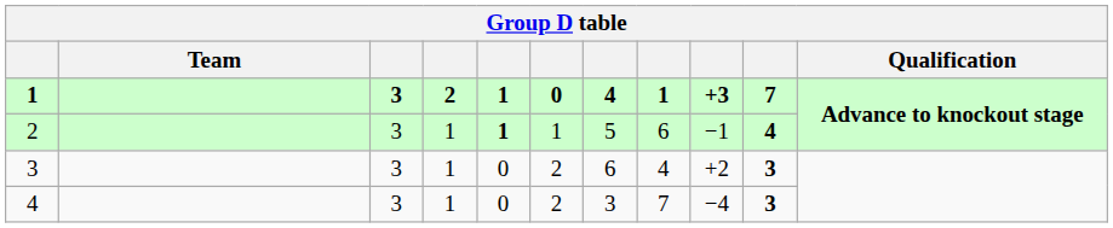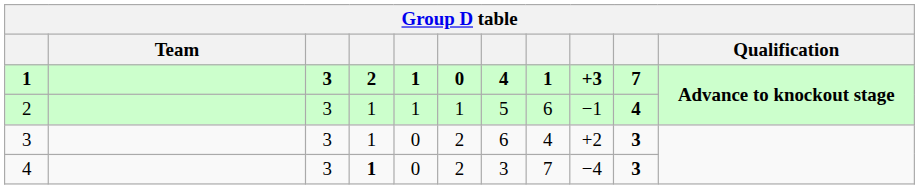 <table class="wikitable" style="text-align:center">
 <tr>
 <th colspan="11"><a href='#'>Group D</a> table</th>
 </tr>
 <tr>
 <th width="30"></th>
 <th width="210">Team</th>
 <th width="30"></th>
 <th width="30"></th>
 <th width="30"></th>
 <th width="30"></th>
 <th width="30"></th>
 <th width="30"></th>
 <th width="30"></th>
 <th width="30"></th>
 <th width="210">Qualification</th>
 </tr>
 <tr bgcolor="#ccffcc">
 <td><strong>1</strong></td>
 <td align="left"><strong></strong></td>
 <td><strong>3</strong></td>
 <td><strong>2</strong></td>
 <td><strong>1</strong></td>
 <td><strong>0</strong></td>
 <td><strong>4</strong></td>
 <td><strong>1</strong></td>
 <td><strong>+3</strong></td>
 <td><strong>7</strong></td>
 <td rowspan="2"><strong>Advance to knockout stage</strong></td>
 </tr>
 <tr bgcolor="#ccffcc">
 <td>2</td>
 <td align="left"></td>
 <td>3</td>
 <td>1</td>
-<td><strong>1</strong></td>
+<td>1</td>
 <td>1</td>
 <td>5</td>
 <td>6</td>
 <td>−1</td>
 <td><strong>4</strong></td>
 </tr>
 <tr>
 <td>3</td>
 <td align="left"></td>
 <td>3</td>
 <td>1</td>
 <td>0</td>
 <td>2</td>
 <td>6</td>
 <td>4</td>
 <td>+2</td>
 <td><strong>3</strong></td>
 <td rowspan="2"></td>
 </tr>
 <tr>
 <td>4</td>
 <td align="left"></td>
 <td>3</td>
-<td>1</td>
+<td><strong>1</strong></td>
 <td>0</td>
 <td>2</td>
 <td>3</td>
 <td>7</td>
 <td>−4</td>
 <td><strong>3</strong></td>
 </tr>
 </table>
